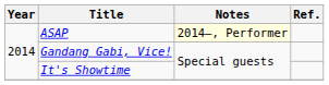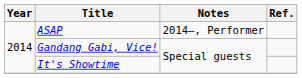 <table class="wikitable">
 <tr>
 <th>Year</th>
 <th>Title</th>
 <th>Notes</th>
 <th>Ref.</th>
 </tr>
 <tr>
 <td rowspan=3>2014</td>
 <td><em><a href='#'>ASAP</a></em></td>
-<td style="background: lightyellow;">2014–, Performer</td>
+<td>2014–, Performer</td>
 <td></td>
 </tr>
 <tr>
 <td><em><a href='#'>Gandang Gabi, Vice!</a></em></td>
 <td rowspan=2>Special guests</td>
 <td></td>
 </tr>
 <tr>
 <td><em><a href='#'>It's Showtime</a></em></td>
 <td></td>
 </tr>
 <tr>
 </tr>
 </table>
